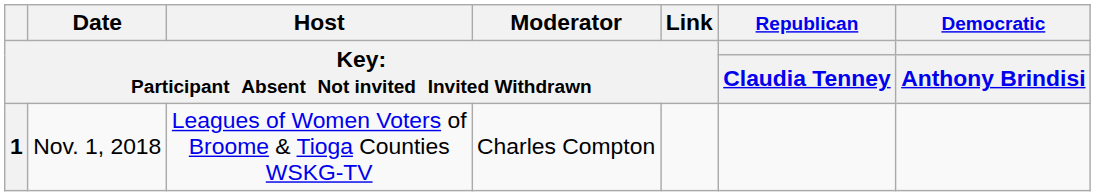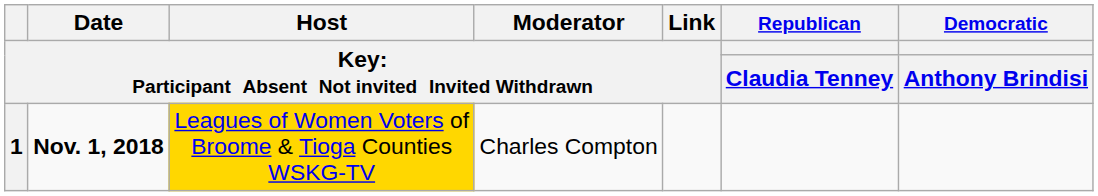 <table class="wikitable" style="text-align:center;">
 <tr>
 <th scope="col"></th>
 <th scope="col">Date</th>
 <th scope="col">Host</th>
 <th scope="col">Moderator</th>
 <th scope="col">Link</th>
 <th scope="col"><small><a href='#'>Republican</a></small></th>
 <th scope="col"><small><a href='#'>Democratic</a></small></th>
 </tr>
 <tr>
 <th colspan="5" rowspan="2">Key:<br> <small>Participant </small>  <small>Absent </small>  <small>Not invited </small>  <small>Invited  Withdrawn</small></th>
 <th scope="col" style="background:"></th>
 <th scope="col" style="background:"></th>
 </tr>
 <tr>
 <th scope="col"><a href='#'>Claudia Tenney</a></th>
 <th scope="col"><a href='#'>Anthony Brindisi</a></th>
 </tr>
 <tr>
 <th>1</th>
-<td style="white-space:nowrap;">Nov. 1, 2018</td>
-<td style="white-space:nowrap;"><a href='#'>Leagues of Women Voters</a> of<br><a href='#'>Broome</a> & <a href='#'>Tioga</a> Counties<br><a href='#'>WSKG-TV</a></td>
+<td style="white-space:nowrap;"><strong>Nov. 1, 2018</strong></td>
+<td style="background: gold; white-space:nowrap;"><a href='#'>Leagues of Women Voters</a> of<br><a href='#'>Broome</a> & <a href='#'>Tioga</a> Counties<br><a href='#'>WSKG-TV</a></td>
 <td style="white-space:nowrap;">Charles Compton</td>
 <td style="white-space:nowrap;"></td>
 <td></td>
 <td></td>
 </tr>
 </table>
